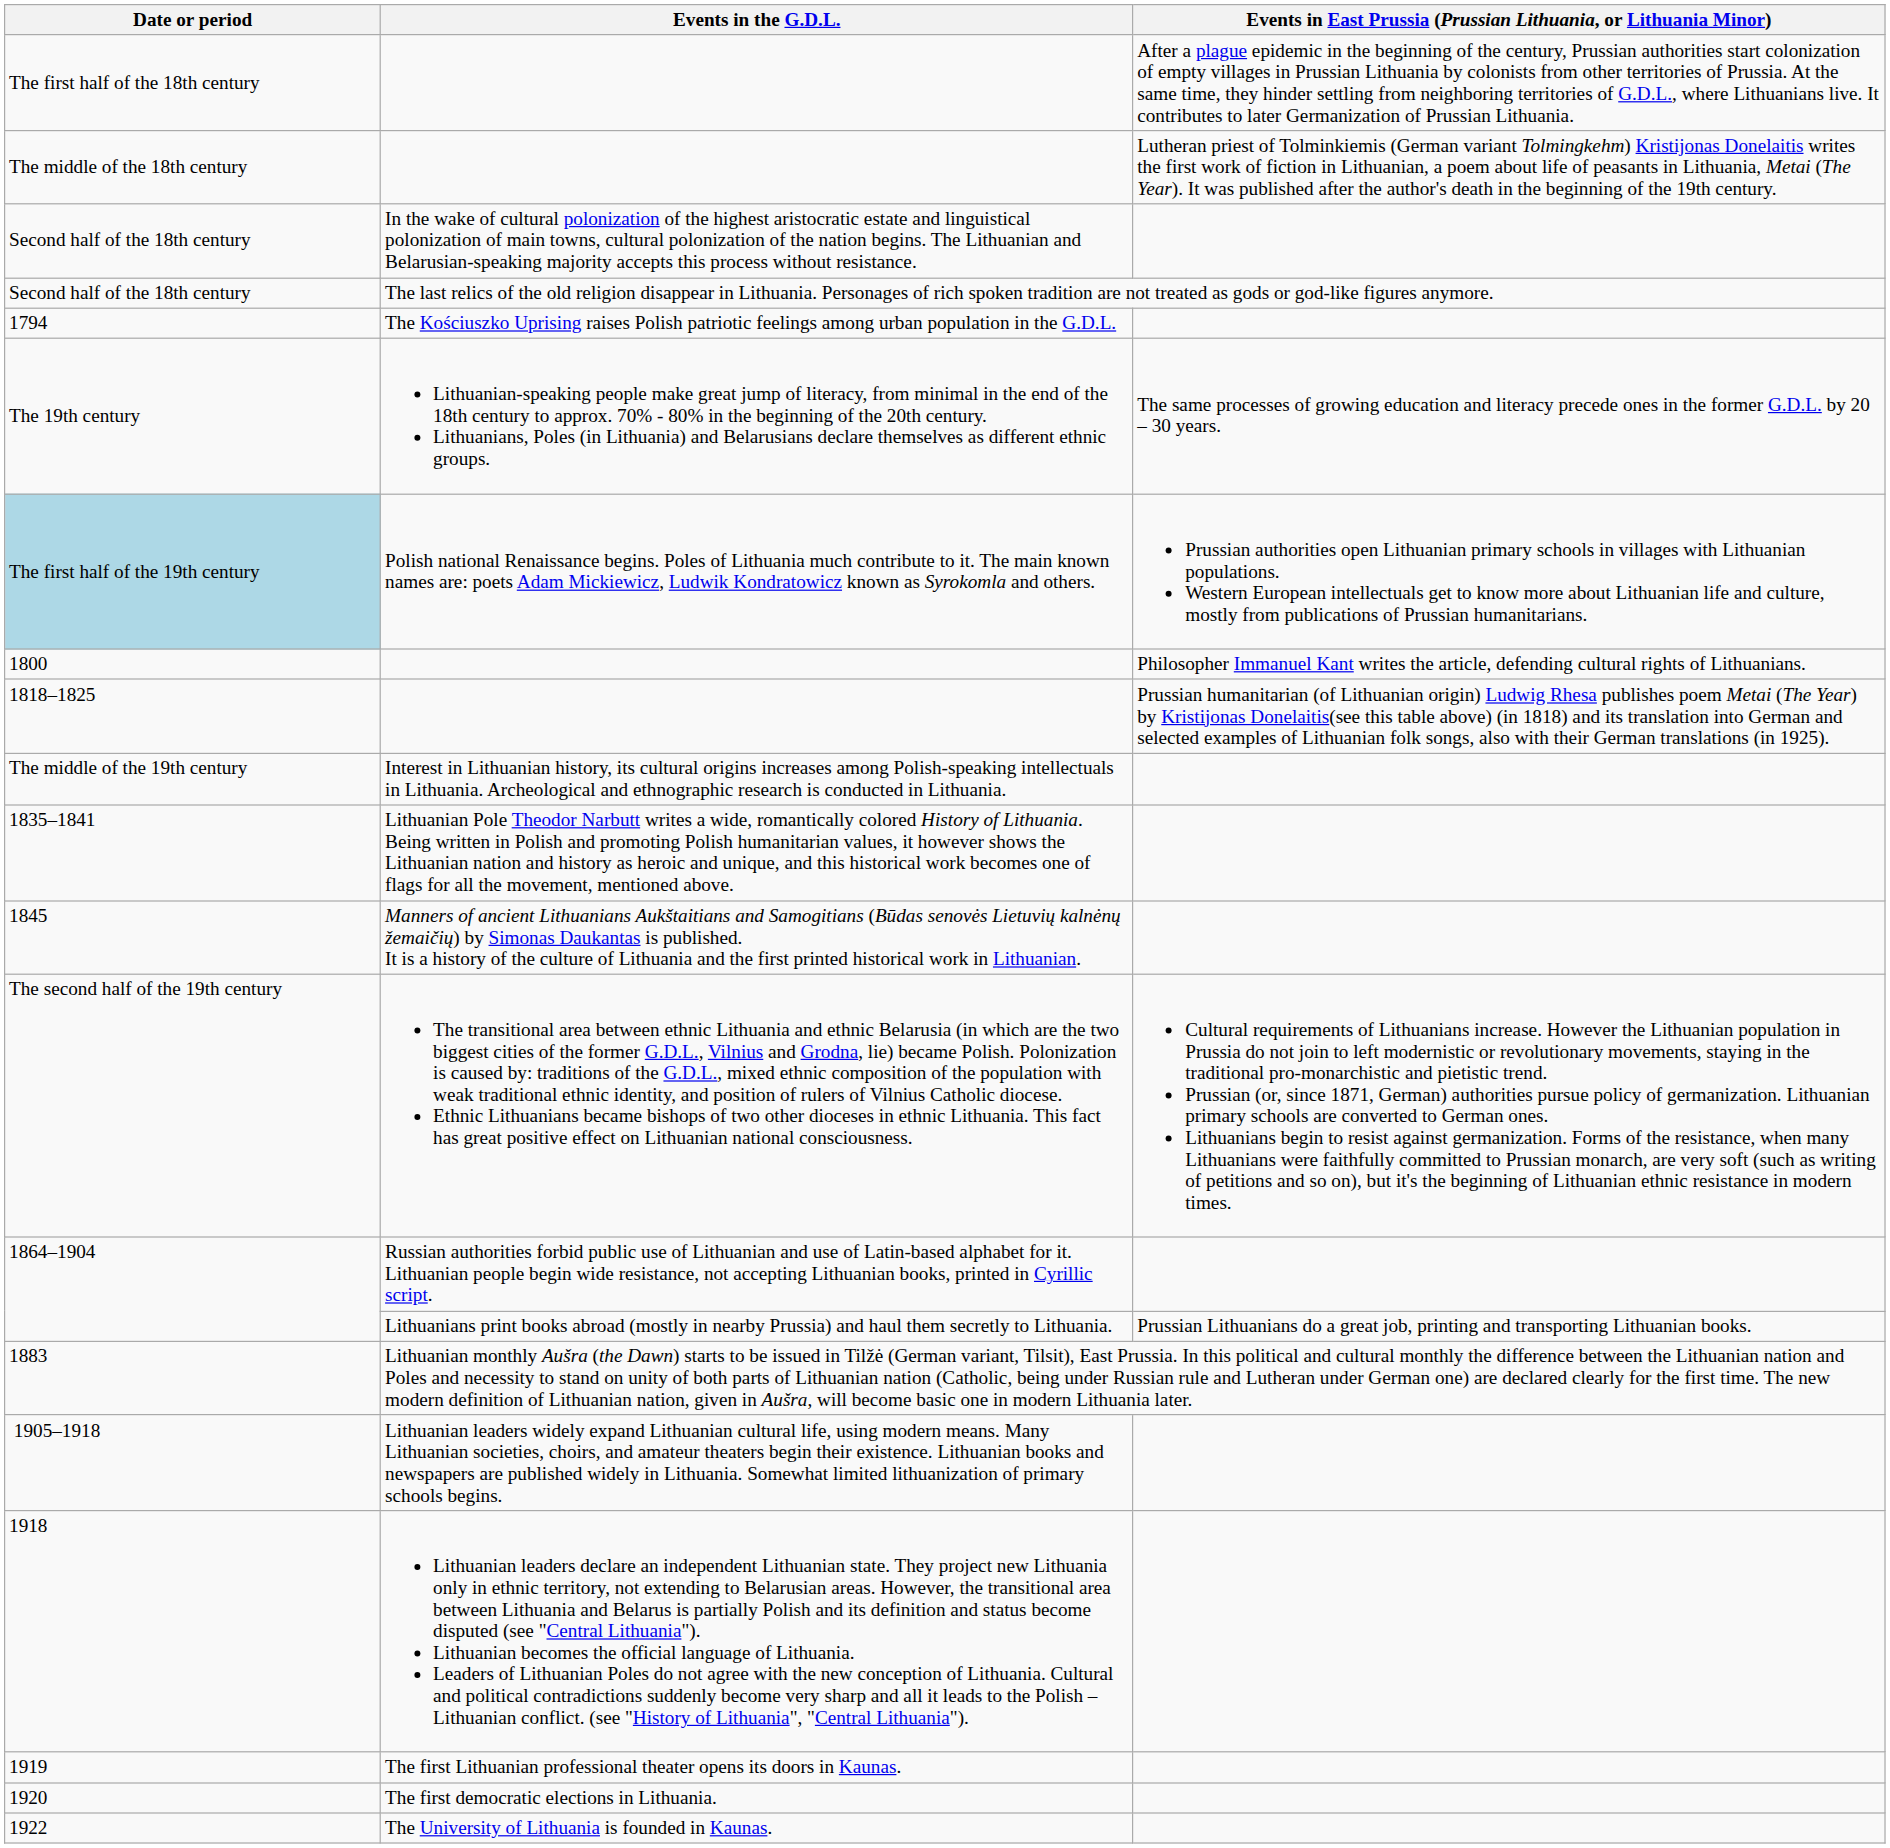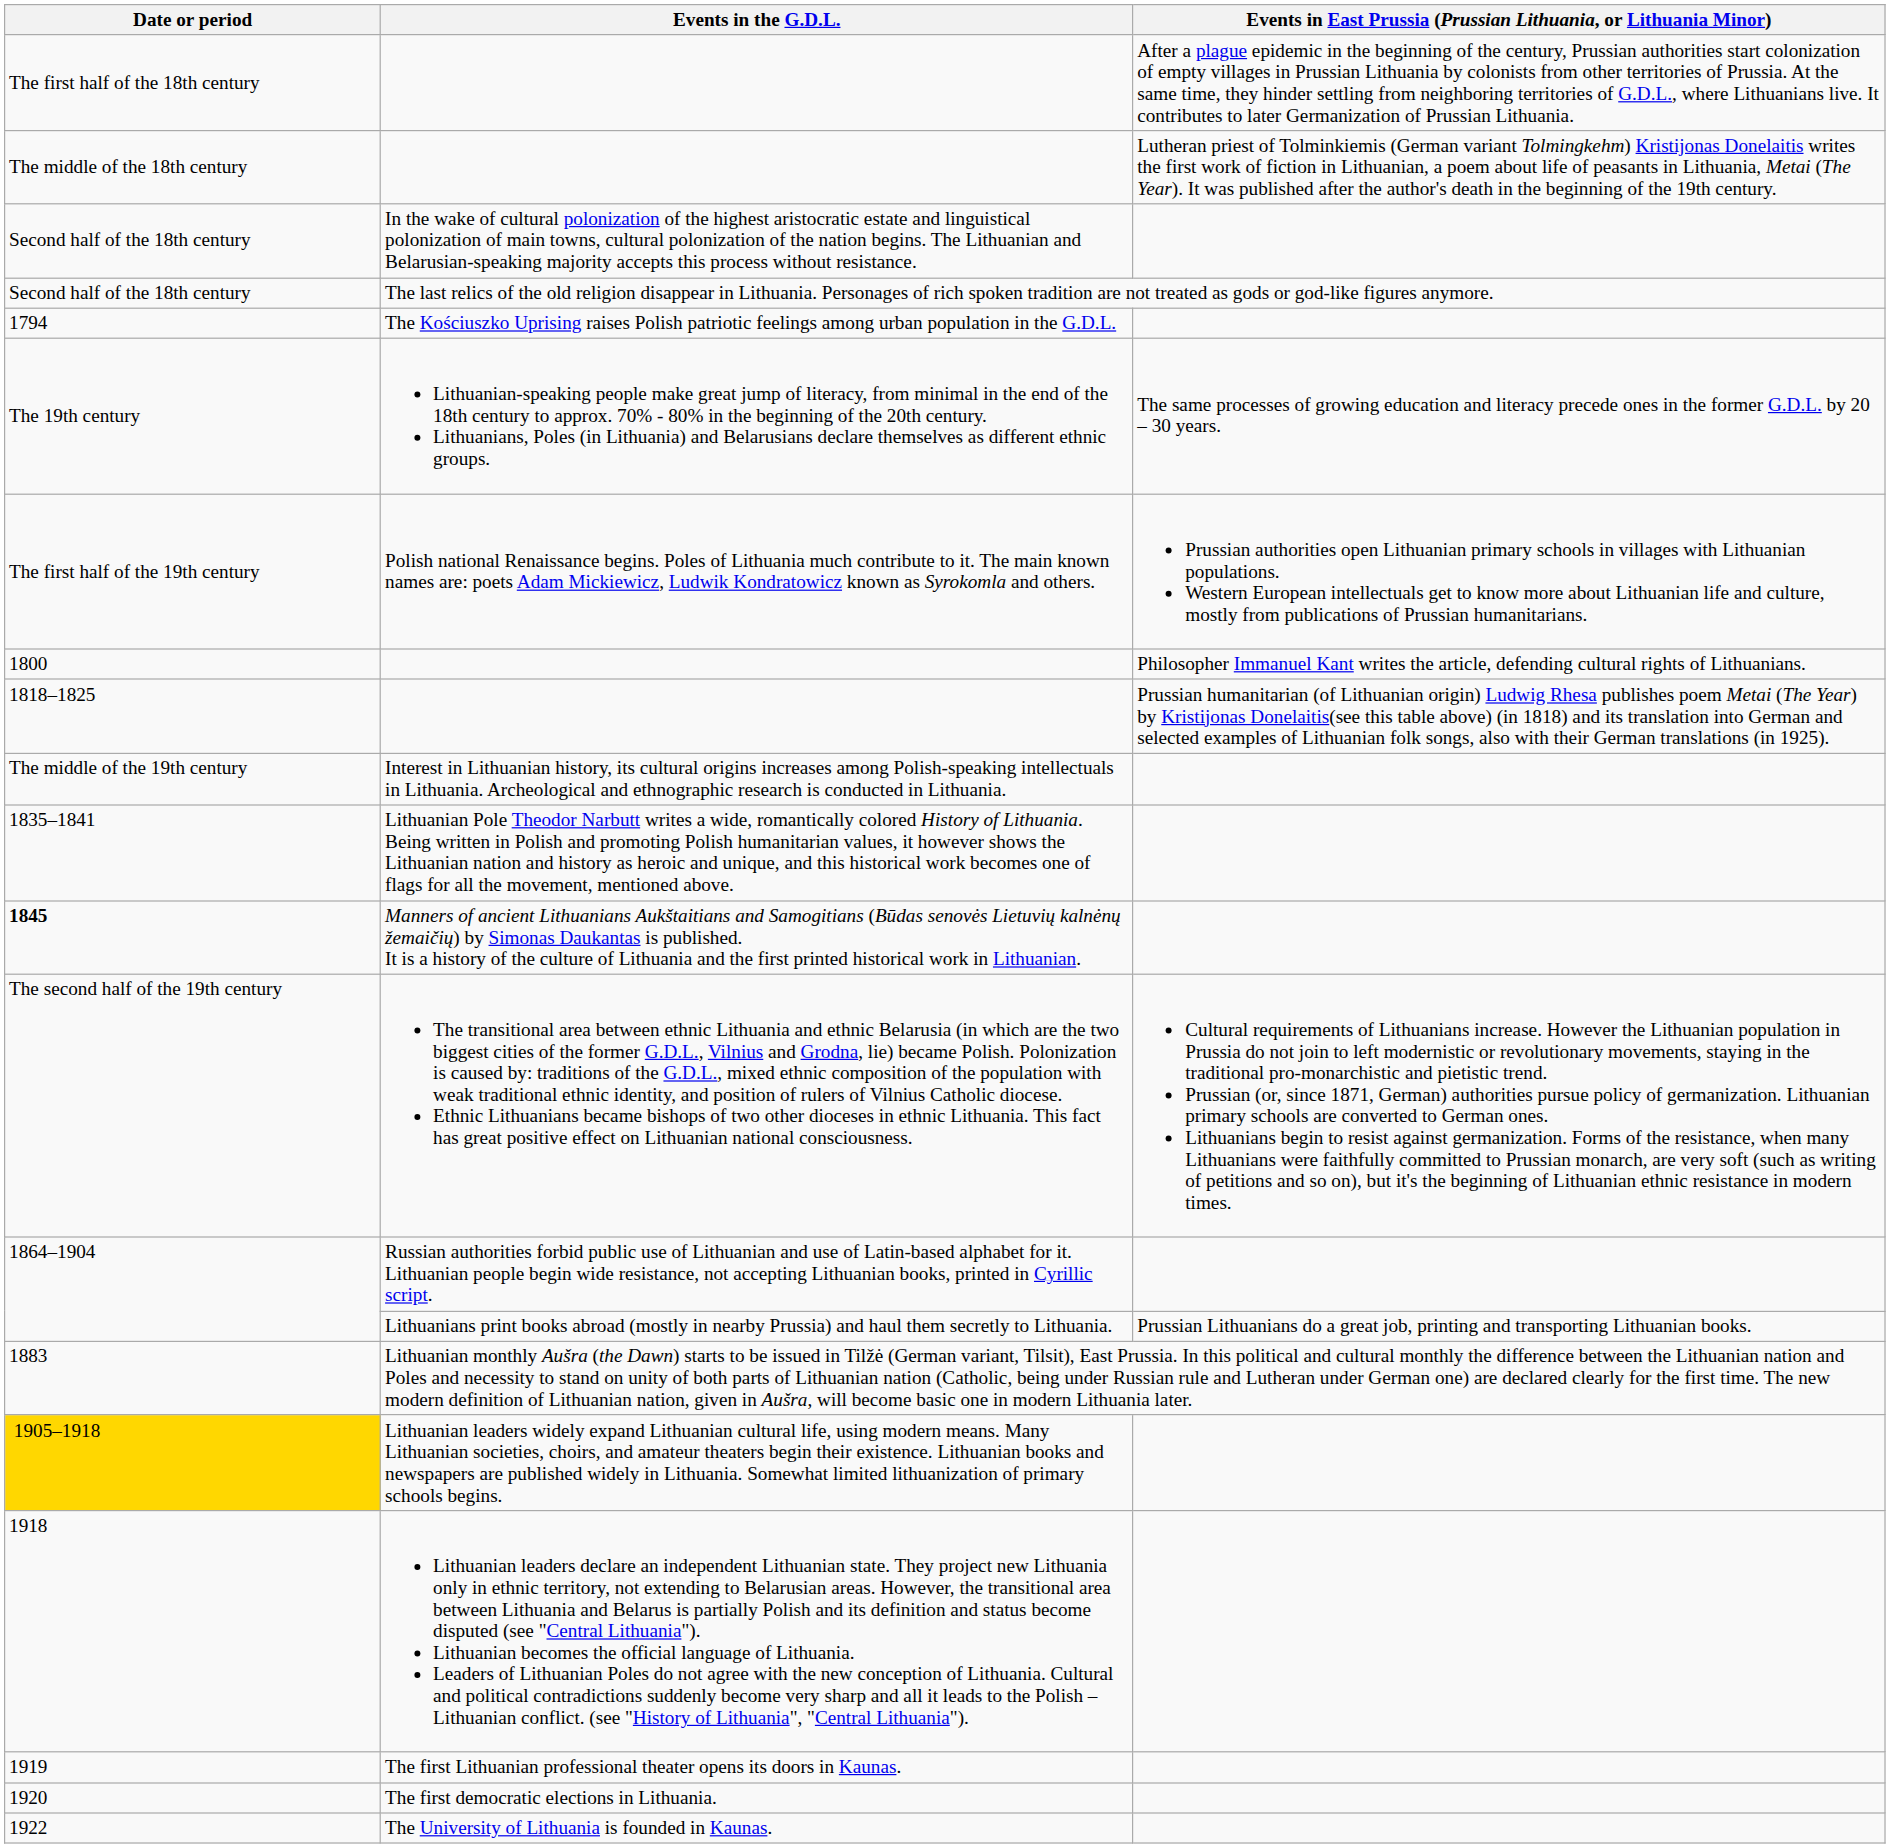 <table class="wikitable">
 <tr>
 <th style="width:20%">Date or period</th>
 <th style="width:40%">Events in the <a href='#'>G.D.L.</a></th>
 <th style="width:40%">Events in <a href='#'>East Prussia</a> (<em>Prussian Lithuania</em>, or <a href='#'>Lithuania Minor</a>)</th>
 </tr>
 <tr>
 <td>The first half of the 18th century</td>
 <td></td>
 <td>After a <a href='#'>plague</a> epidemic in the beginning of the century, Prussian authorities start colonization of empty villages in Prussian Lithuania by colonists from other territories of Prussia. At the same time, they hinder settling from neighboring territories of <a href='#'>G.D.L.</a>, where Lithuanians live. It contributes to later Germanization of Prussian Lithuania.</td>
 </tr>
 <tr>
 <td>The middle of the 18th century</td>
 <td></td>
 <td>Lutheran priest of Tolminkiemis (German variant <em>Tolmingkehm</em>) <a href='#'>Kristijonas Donelaitis</a> writes the first work of fiction in Lithuanian, a poem about life of peasants in Lithuania, <em>Metai</em> (<em>The Year</em>). It was published after the author's death in the beginning of the 19th century.</td>
 </tr>
 <tr>
 <td>Second half of the 18th century</td>
 <td>In the wake of cultural <a href='#'>polonization</a> of the highest aristocratic estate and linguistical polonization of main towns, cultural polonization of the nation begins. The Lithuanian and Belarusian-speaking majority accepts this process without resistance.</td>
 <td></td>
 </tr>
 <tr>
 <td>Second half of the 18th century</td>
 <td colspan=2>The last relics of the old religion disappear in Lithuania. Personages of rich spoken tradition are not treated as gods or god-like figures anymore.</td>
 </tr>
 <tr>
 <td>1794</td>
 <td>The <a href='#'>Kościuszko Uprising</a> raises Polish patriotic feelings among urban population in the <a href='#'>G.D.L.</a></td>
 <td></td>
 </tr>
 <tr>
 <td>The 19th century</td>
 <td><br><ul><li>Lithuanian-speaking people make great jump of literacy, from minimal in the end of the 18th century to approx. 70% - 80% in the beginning of the 20th century.</li><li>Lithuanians, Poles (in Lithuania) and Belarusians declare themselves as different ethnic groups.</li></ul></td>
 <td>The same processes of growing education and literacy precede ones in the former <a href='#'>G.D.L.</a> by 20 – 30 years.</td>
 </tr>
 <tr>
-<td style="background: lightblue;">The first half of the 19th century</td>
+<td>The first half of the 19th century</td>
 <td>Polish national Renaissance begins. Poles of Lithuania much contribute to it. The main known names are: poets <a href='#'>Adam Mickiewicz</a>, <a href='#'>Ludwik Kondratowicz</a> known as  <em>Syrokomla</em> and others.</td>
 <td><br><ul><li>Prussian authorities open Lithuanian primary schools in villages with Lithuanian populations.</li><li>Western European intellectuals get to know more about Lithuanian life and culture, mostly from publications of Prussian humanitarians.</li></ul></td>
 </tr>
 <tr>
 <td>1800</td>
 <td> </td>
 <td>Philosopher <a href='#'>Immanuel Kant</a>  writes the article, defending cultural rights of Lithuanians.</td>
 </tr>
 <tr VALIGN=TOP>
 <td>1818–1825</td>
 <td> </td>
 <td>Prussian humanitarian (of Lithuanian origin) <a href='#'>Ludwig Rhesa</a>  publishes poem <em>Metai</em> (<em>The Year</em>) by <a href='#'>Kristijonas Donelaitis</a>(see this table above) (in 1818) and its translation into German and selected examples of Lithuanian folk songs,  also with their German translations (in 1925).</td>
 </tr>
 <tr VALIGN=TOP>
 <td>The middle of the 19th century</td>
 <td>Interest in Lithuanian history, its cultural origins increases  among Polish-speaking intellectuals in Lithuania. Archeological  and ethnographic research is conducted in Lithuania.</td>
 <td> </td>
 </tr>
 <tr VALIGN=TOP>
 <td>1835–1841</td>
 <td>Lithuanian Pole <a href='#'>Theodor Narbutt</a> writes a wide, romantically  colored <em>History of Lithuania</em>. Being written in Polish and promoting Polish humanitarian values, it however shows  the Lithuanian nation and history as heroic and unique, and this  historical work becomes one of  flags for all the movement, mentioned  above.</td>
 <td> </td>
 </tr>
 <tr VALIGN=TOP>
-<td>1845</td>
+<td><strong>1845</strong></td>
 <td><em>Manners of ancient Lithuanians Aukštaitians and Samogitians</em> (<em>Būdas senovės Lietuvių kalnėnų žemaičių</em>) by <a href='#'>Simonas Daukantas</a> is published.<br>It is a history of the culture of Lithuania and the first printed  historical work in <a href='#'>Lithuanian</a>.</td>
 <td> </td>
 </tr>
 <tr VALIGN=TOP>
 <td>The second half of the 19th century</td>
 <td><br><ul><li>The transitional area between ethnic Lithuania and ethnic  Belarusia (in which are the two biggest cities of the former  <a href='#'>G.D.L.</a>,  <a href='#'>Vilnius</a> and <a href='#'>Grodna</a>, lie) became Polish. Polonization is  caused by: traditions of the <a href='#'>G.D.L.</a>,  mixed ethnic composition of the population with weak traditional  ethnic identity, and position of rulers of Vilnius Catholic  diocese.</li><li>Ethnic Lithuanians became bishops of two other dioceses in  ethnic Lithuania. This fact has great positive effect on  Lithuanian national consciousness.</li></ul></td>
 <td><br><ul><li>Cultural requirements of Lithuanians increase. However  the Lithuanian population in Prussia do not join to left modernistic or  revolutionary movements, staying in the traditional pro-monarchistic  and pietistic trend.</li><li>Prussian (or, since 1871,  German) authorities pursue policy of germanization. Lithuanian  primary schools are converted to German ones.</li><li>Lithuanians begin to resist against germanization. Forms of  the resistance, when many Lithuanians were faithfully committed to  Prussian monarch, are very soft (such as writing of petitions and  so on), but it's the beginning of Lithuanian ethnic resistance in  modern times.</li></ul></td>
 </tr>
 <tr VALIGN=TOP>
 <td rowspan=2>1864–1904</td>
 <td>Russian authorities forbid public use of Lithuanian and use of Latin-based alphabet for it. Lithuanian people begin wide resistance, not accepting Lithuanian books, printed in  <a href='#'>Cyrillic script</a>.</td>
 <td> </td>
 </tr>
 <tr VALIGN=TOP>
 <td>Lithuanians print books abroad (mostly in nearby Prussia) and  haul them secretly to Lithuania.</td>
 <td>Prussian Lithuanians do a great job, printing and transporting  Lithuanian books.</td>
 </tr>
 <tr VALIGN=TOP>
 <td>1883</td>
 <td colspan=2>Lithuanian monthly <em>Aušra</em> (<em>the Dawn</em>) starts to be  issued in Tilžė (German variant, Tilsit), East   Prussia. In this political and cultural monthly the difference between the Lithuanian nation and Poles and necessity to stand on unity of  both parts of Lithuanian nation (Catholic, being under Russian  rule and Lutheran under German one) are declared clearly for the first  time. The new modern definition of Lithuanian nation, given in  <em>Aušra</em>, will become basic one in modern Lithuania later.</td>
 </tr>
 <tr VALIGN=TOP>
-<td> 1905–1918</td>
+<td style="background: gold;"> 1905–1918</td>
 <td>Lithuanian leaders widely expand Lithuanian cultural life,  using modern means. Many Lithuanian societies, choirs, and amateur  theaters begin their existence. Lithuanian books and newspapers  are published widely in Lithuania. Somewhat limited lithuanization  of primary schools begins.</td>
 <td> </td>
 </tr>
 <tr VALIGN=TOP>
 <td>1918</td>
 <td><br><ul><li>Lithuanian leaders declare an independent Lithuanian state. They  project new Lithuania only in ethnic territory, not extending to  Belarusian areas. However, the transitional area between Lithuania and  Belarus is partially Polish and its definition and status become  disputed (see "<a href='#'>Central Lithuania</a>").</li><li>Lithuanian becomes the official language of Lithuania.</li><li>Leaders of Lithuanian Poles do not agree with the new  conception of Lithuania. Cultural and political contradictions  suddenly become very sharp and all it leads to the Polish –  Lithuanian conflict. (see "<a href='#'>History of Lithuania</a>", "<a href='#'>Central Lithuania</a>").</li></ul></td>
 <td> </td>
 </tr>
 <tr VALIGN=TOP>
 <td>1919</td>
 <td>The first Lithuanian professional theater opens its doors in  <a href='#'>Kaunas</a>.</td>
 <td> </td>
 </tr>
 <tr VALIGN=TOP>
 <td>1920</td>
 <td>The first democratic elections in Lithuania.</td>
 <td> </td>
 </tr>
 <tr VALIGN=TOP>
 <td>1922</td>
 <td>The <a href='#'>University of Lithuania</a> is founded in <a href='#'>Kaunas</a>.</td>
 <td> </td>
 </tr>
 </table>
